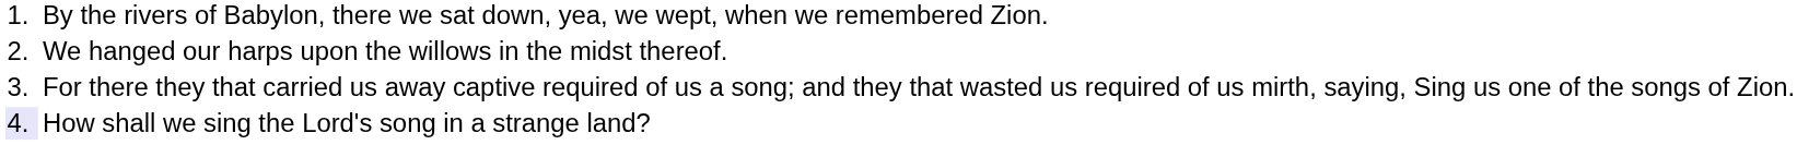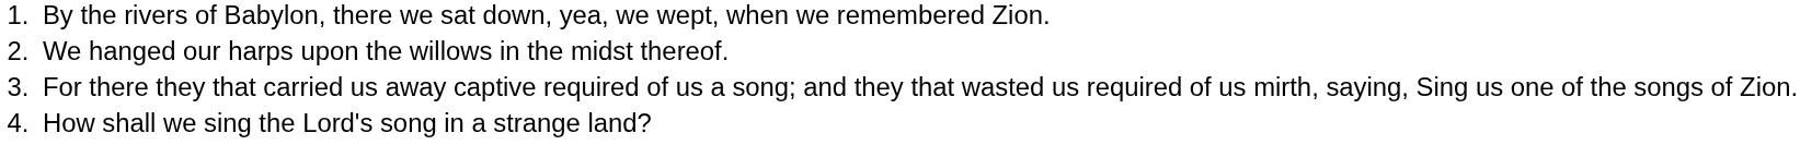 <table>
 <tr style="vertical-align: top;">
 <td>1. </td>
 <td>By the rivers of Babylon, there we sat down, yea, we wept, when we remembered Zion.</td>
 </tr>
 <tr style="vertical-align: top;">
 <td>2. </td>
 <td>We hanged our harps upon the willows in the midst thereof.</td>
 </tr>
 <tr style="vertical-align: top;">
 <td>3. </td>
 <td>For there they that carried us away captive required of us a song; and they that wasted us required of us mirth, saying, Sing us one of the songs of Zion.</td>
 </tr>
 <tr style="vertical-align: top;">
-<td style="background: lavender;">4. </td>
+<td>4. </td>
 <td>How shall we sing the Lord's song in a strange land?</td>
 </tr>
 </table>
